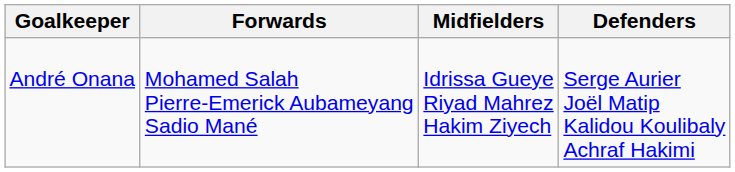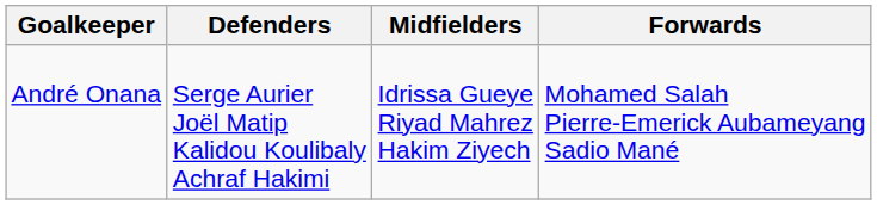 <table class="wikitable" style="margin:0 auto">
 <tr>
 <th>Goalkeeper</th>
+<th>Defenders</th>
+<th>Midfielders</th>
 <th>Forwards</th>
-<th>Midfielders</th>
-<th>Defenders</th>
 </tr>
 <tr>
 <td align=left valign=top><br> <a href='#'>André Onana</a></td>
+<td align=left valign=top><br> <a href='#'>Serge Aurier</a><br>  <a href='#'>Joël Matip</a><br>  <a href='#'>Kalidou Koulibaly</a><br>  <a href='#'>Achraf Hakimi</a></td>
+<td align=left valign=top><br> <a href='#'>Idrissa Gueye</a><br>  <a href='#'>Riyad Mahrez</a><br>  <a href='#'>Hakim Ziyech</a></td>
 <td align=left valign=top><br> <a href='#'>Mohamed Salah</a><br>  <a href='#'>Pierre-Emerick Aubameyang</a><br>  <a href='#'>Sadio Mané</a></td>
-<td align=left valign=top><br> <a href='#'>Idrissa Gueye</a><br>  <a href='#'>Riyad Mahrez</a><br>  <a href='#'>Hakim Ziyech</a></td>
-<td align=left valign=top><br> <a href='#'>Serge Aurier</a><br>  <a href='#'>Joël Matip</a><br>  <a href='#'>Kalidou Koulibaly</a><br>  <a href='#'>Achraf Hakimi</a></td>
 </tr>
 </table>
